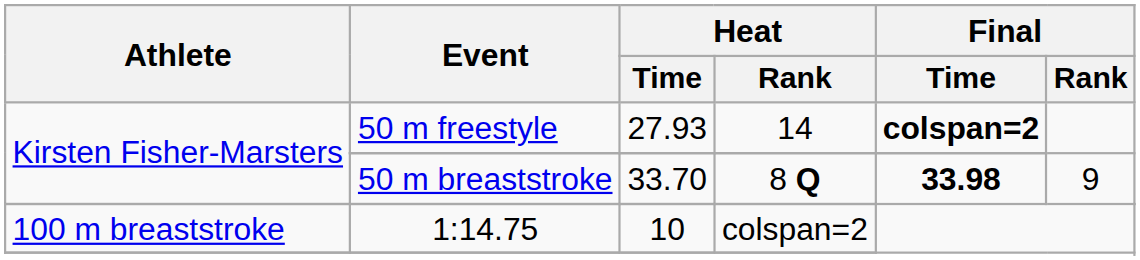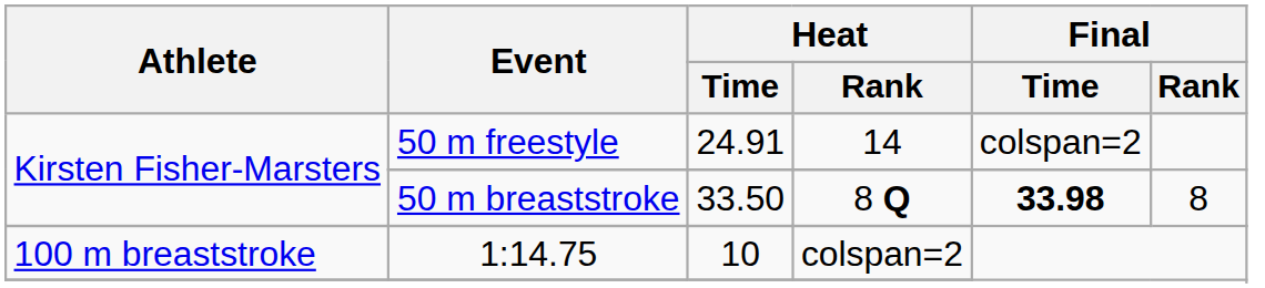 <table class=wikitable style="font-size:90%">
 <tr>
 <th rowspan="2">Athlete</th>
 <th rowspan="2">Event</th>
 <th colspan="2">Heat</th>
 <th colspan="2">Final</th>
 </tr>
 <tr style="font-size:95%">
 <th>Time</th>
 <th>Rank</th>
 <th>Time</th>
 <th>Rank</th>
 </tr>
 <tr align=center>
 <td align=left rowspan=3><a href='#'>Kirsten Fisher-Marsters</a></td>
 <td align=left><a href='#'>50 m freestyle</a></td>
-<td>27.93</td>
+<td>24.91</td>
 <td>14</td>
-<td><strong>colspan=2 </strong></td>
+<td>colspan=2 </td>
 </tr>
 <tr>
 </tr>
 <tr align=center>
 <td align=left><a href='#'>50 m breaststroke</a></td>
-<td>33.70</td>
+<td>33.50</td>
 <td>8 <strong>Q</strong></td>
 <td><strong>33.98</strong></td>
-<td>9</td>
+<td>8</td>
 </tr>
 <tr>
 </tr>
 <tr align=center>
 <td align=left><a href='#'>100 m breaststroke</a></td>
 <td>1:14.75</td>
 <td>10</td>
 <td>colspan=2 </td>
 </tr>
 <tr>
 </tr>
 </table>
